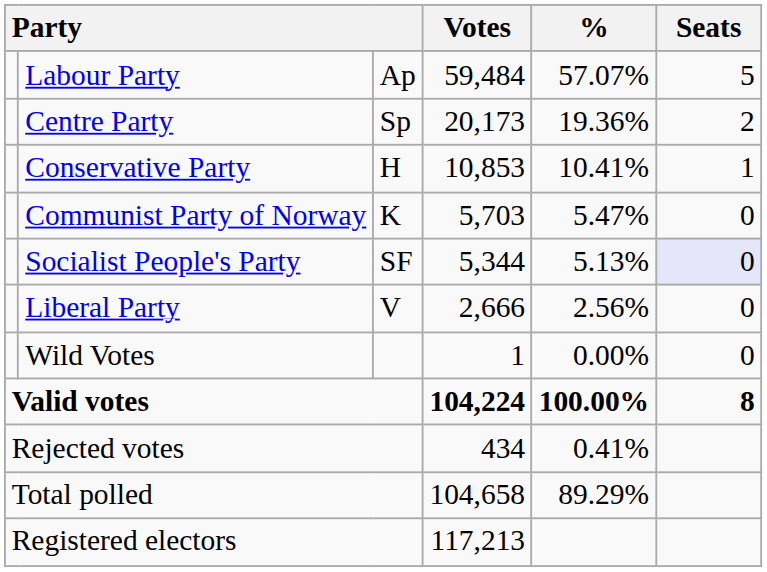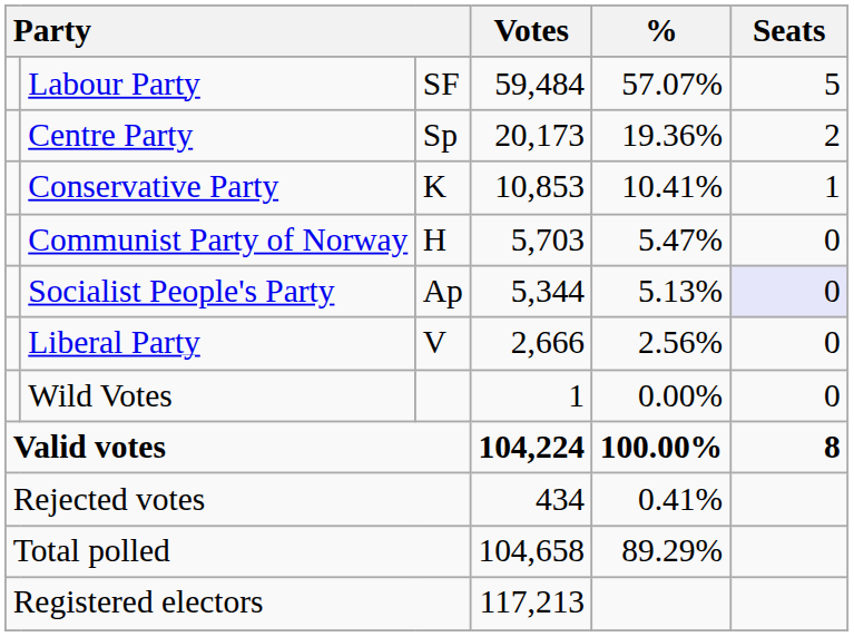 <table class="wikitable" border="1" style="text-align:right;">
 <tr>
 <th style="text-align:left;" colspan=3>Party</th>
 <th align=center width="50">Votes</th>
 <th align=center width="50">%</th>
 <th align=center width="50">Seats</th>
 </tr>
 <tr>
 <td style="color:inherit;background:"></td>
 <td align=left><a href='#'>Labour Party</a></td>
-<td align=left>Ap</td>
+<td align=left>SF</td>
 <td>59,484</td>
 <td>57.07%</td>
 <td>5</td>
 </tr>
 <tr>
 <td style="color:inherit;background:"></td>
 <td align=left><a href='#'>Centre Party</a></td>
 <td align=left>Sp</td>
 <td>20,173</td>
 <td>19.36%</td>
 <td>2</td>
 </tr>
 <tr>
 <td style="color:inherit;background:"></td>
 <td align=left><a href='#'>Conservative Party</a></td>
-<td align=left>H</td>
+<td align=left>K</td>
 <td>10,853</td>
 <td>10.41%</td>
 <td>1</td>
 </tr>
 <tr>
 <td style="color:inherit;background:"></td>
 <td align=left><a href='#'>Communist Party of Norway</a></td>
-<td align=left>K</td>
+<td align=left>H</td>
 <td>5,703</td>
 <td>5.47%</td>
 <td>0</td>
 </tr>
 <tr>
 <td style="color:inherit;background:"></td>
 <td align=left><a href='#'>Socialist People's Party</a></td>
-<td align=left>SF</td>
+<td align=left>Ap</td>
 <td>5,344</td>
 <td>5.13%</td>
 <td style="background: lavender;">0</td>
 </tr>
 <tr>
 <td style="color:inherit;background:"></td>
 <td align=left><a href='#'>Liberal Party</a></td>
 <td align=left>V</td>
 <td>2,666</td>
 <td>2.56%</td>
 <td>0</td>
 </tr>
 <tr>
 <td></td>
 <td align=left>Wild Votes</td>
 <td align=left></td>
 <td>1</td>
 <td>0.00%</td>
 <td>0</td>
 </tr>
 <tr style="font-weight:bold">
 <td align=left colspan=3>Valid votes</td>
 <td>104,224</td>
 <td>100.00%</td>
 <td>8</td>
 </tr>
 <tr>
 <td align=left colspan=3>Rejected votes</td>
 <td>434</td>
 <td>0.41%</td>
 <td></td>
 </tr>
 <tr>
 <td align=left colspan=3>Total polled</td>
 <td>104,658</td>
 <td>89.29%</td>
 <td></td>
 </tr>
 <tr>
 <td align=left colspan=3>Registered electors</td>
 <td>117,213</td>
 <td></td>
 <td></td>
 </tr>
 </table>
